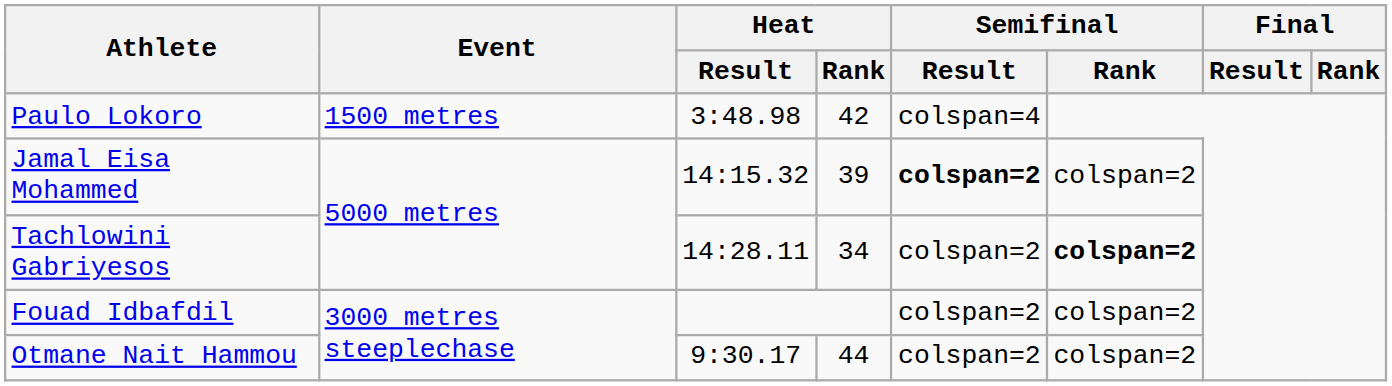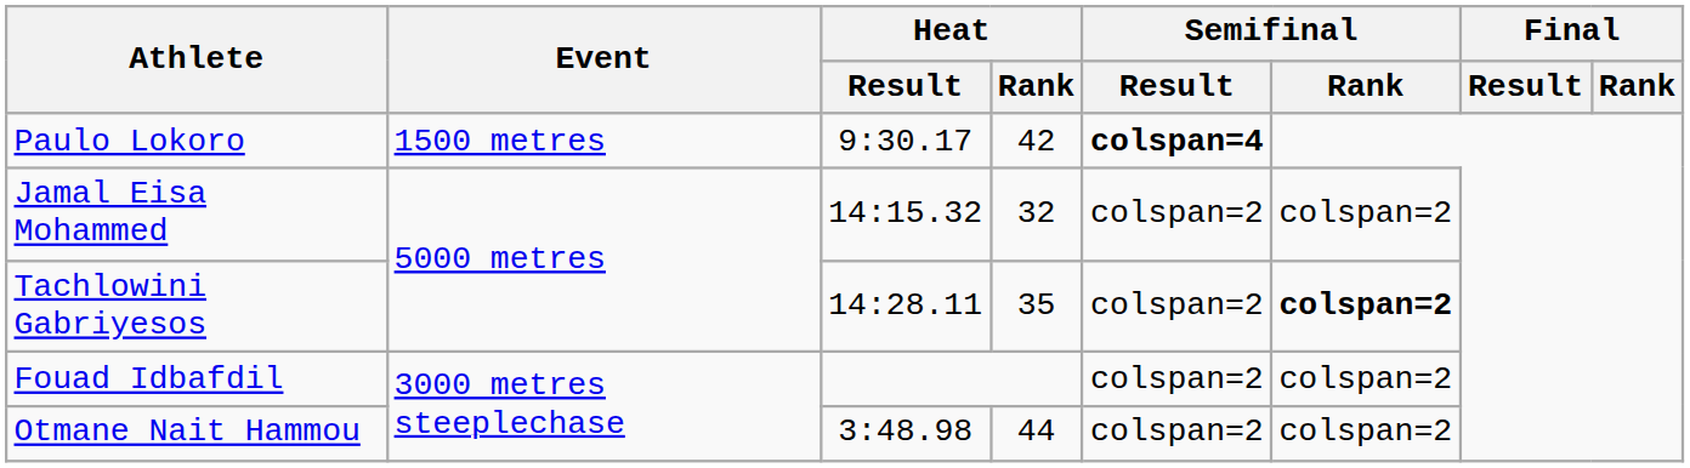 <table class="wikitable"  style=font-size:90%>
 <tr>
 <th rowspan="2">Athlete</th>
 <th rowspan="2">Event</th>
 <th colspan="2">Heat</th>
 <th colspan="2">Semifinal</th>
 <th colspan="2">Final</th>
 </tr>
 <tr>
 <th>Result</th>
 <th>Rank</th>
 <th>Result</th>
 <th>Rank</th>
 <th>Result</th>
 <th>Rank</th>
 </tr>
 <tr style=text-align:center>
 <td style=text-align:left><a href='#'>Paulo Lokoro</a></td>
 <td style=text-align:left><a href='#'>1500 metres</a></td>
-<td>3:48.98</td>
+<td>9:30.17</td>
 <td>42</td>
-<td>colspan=4</td>
+<td><strong>colspan=4</strong></td>
 </tr>
 <tr style=text-align:center>
 <td style=text-align:left><a href='#'>Jamal Eisa Mohammed</a></td>
 <td style=text-align:left rowspan=2><a href='#'>5000 metres</a></td>
 <td>14:15.32</td>
-<td>39</td>
-<td><strong>colspan=2</strong></td>
+<td>32</td>
+<td>colspan=2</td>
 <td>colspan=2</td>
 </tr>
 <tr style=text-align:center>
 <td style=text-align:left><a href='#'>Tachlowini Gabriyesos</a></td>
 <td>14:28.11</td>
-<td>34</td>
+<td>35</td>
 <td>colspan=2</td>
 <td><strong>colspan=2</strong></td>
 </tr>
 <tr style=text-align:center>
 <td style=text-align:left><a href='#'>Fouad Idbafdil</a></td>
 <td style=text-align:left rowspan=2><a href='#'>3000 metres steeplechase</a></td>
 <td colspan=2></td>
 <td>colspan=2</td>
 <td>colspan=2</td>
 </tr>
 <tr style=text-align:center>
 <td style=text-align:left><a href='#'>Otmane Nait Hammou</a></td>
-<td>9:30.17</td>
+<td>3:48.98</td>
 <td>44</td>
 <td>colspan=2</td>
 <td>colspan=2</td>
 </tr>
 </table>
